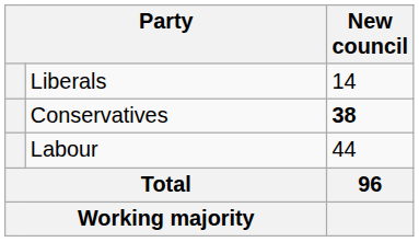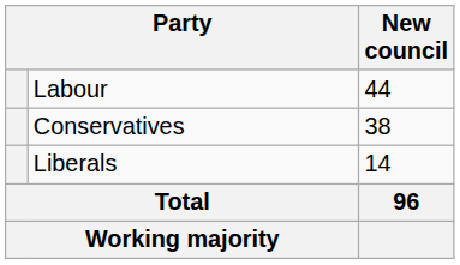 <table class="wikitable">
 <tr>
 <th valign=top colspan="2" style="width: 230px">Party</th>
 <th valign=top style="width: 30px">New council</th>
 </tr>
 <tr>
 <th style="background-color: "></th>
-<td>Liberals</td>
-<td>14</td>
+<td>Labour</td>
+<td>44</td>
 </tr>
 <tr>
 <th style="background-color: "></th>
 <td>Conservatives</td>
-<td><strong>38</strong></td>
+<td>38</td>
 </tr>
 <tr>
 <th style="background-color: "></th>
-<td>Labour</td>
-<td>44</td>
+<td>Liberals</td>
+<td>14</td>
 </tr>
 <tr>
 <th colspan=2>Total</th>
 <th style="text-align: center">96</th>
 </tr>
 <tr>
 <th colspan=2>Working majority</th>
 <th></th>
 </tr>
 </table>
